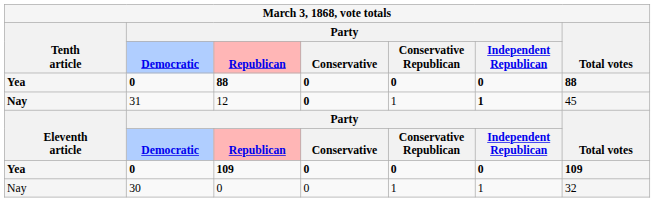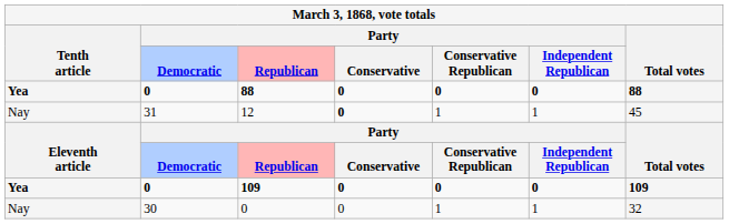 <table class="wikitable mw-collapsible mw-collapsed">
 <tr>
 <th colspan=7 style="background:#f5f5f5">March 3, 1868, vote totals</th>
 </tr>
 <tr style="vertical-align:bottom;">
 <th rowspan=2>Tenth<br>article<br></th>
 <th colspan=5>Party</th>
 <th rowspan=2>Total votes</th>
 </tr>
 <tr style="vertical-align:bottom;">
 <th style="background:#b0ceff;"><a href='#'>Democratic</a></th>
 <th style="background:#ffb6b6;"><a href='#'>Republican</a></th>
 <th>Conservative</th>
 <th>Conservative Republican</th>
 <th><a href='#'>Independent Republican</a></th>
 </tr>
 <tr>
 <td style="width: 10em; background:#F5F5F5"><strong>Yea</strong></td>
 <td style="width: 7em;"><strong>0</strong></td>
 <td style="width: 7em;"><strong>88</strong></td>
 <td style="width: 7em;"><strong>0</strong></td>
 <td style="width: 7em;"><strong>0</strong></td>
 <td style="width: 7em;"><strong>0</strong></td>
 <td style="width: 7em; background:#F5F5F5"><strong>88</strong></td>
 </tr>
 <tr>
-<td style="background:#F5F5F5"><strong>Nay</strong></td>
+<td style="background:#F5F5F5">Nay</td>
 <td>31</td>
 <td>12</td>
 <td><strong>0</strong></td>
 <td>1</td>
-<td><strong>1</strong></td>
+<td>1</td>
 <td style="background:#F5F5F5">45</td>
 </tr>
 <tr style="vertical-align:bottom;">
 <th rowspan=2>Eleventh<br>article<br></th>
 <th colspan=5>Party</th>
 <th rowspan=2>Total votes</th>
 </tr>
 <tr style="vertical-align:bottom;">
 <th style="background:#b0ceff;"><a href='#'>Democratic</a></th>
 <th style="background:#ffb6b6;"><a href='#'>Republican</a></th>
 <th>Conservative</th>
 <th>Conservative Republican</th>
 <th><a href='#'>Independent Republican</a></th>
 </tr>
 <tr>
 <td style="width: 10em; background:#F5F5F5"><strong>Yea</strong></td>
 <td style="width: 7em;"><strong>0</strong></td>
 <td style="width: 7em;"><strong>109</strong></td>
 <td style="width: 7em;"><strong>0</strong></td>
 <td style="width: 7em;"><strong>0</strong></td>
 <td style="width: 7em;"><strong>0</strong></td>
 <td style="width: 7em; background:#F5F5F5"><strong>109</strong></td>
 </tr>
 <tr>
 <td style="background:#F5F5F5">Nay</td>
 <td>30</td>
 <td>0</td>
 <td>0</td>
 <td>1</td>
 <td>1</td>
 <td style="background:#F5F5F5">32</td>
 </tr>
 </table>
